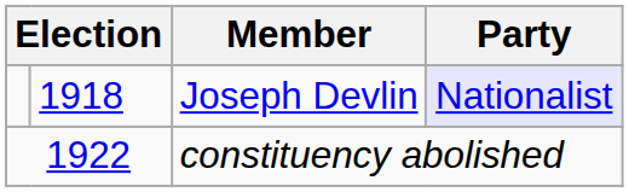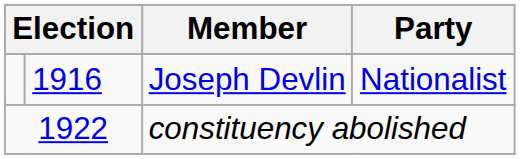 <table class="wikitable">
 <tr>
 <th colspan="2">Election</th>
 <th>Member</th>
 <th>Party</th>
 </tr>
 <tr>
 <td style="color:inherit;background-color: "></td>
-<td><a href='#'>1918</a></td>
+<td><a href='#'>1916</a></td>
 <td><a href='#'>Joseph Devlin</a></td>
-<td style="background: lavender;"><a href='#'>Nationalist</a></td>
+<td><a href='#'>Nationalist</a></td>
 </tr>
 <tr>
 <td colspan="2" align="center"><a href='#'>1922</a></td>
 <td colspan="2"><em>constituency abolished</em></td>
 </tr>
 </table>
